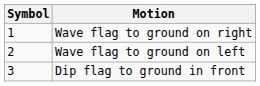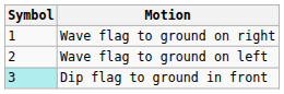 <table class="wikitable">
 <tr>
 <th>Symbol</th>
 <th>Motion</th>
 </tr>
 <tr>
 <td>1</td>
 <td>Wave flag to ground on right</td>
 </tr>
 <tr>
 <td>2</td>
 <td>Wave flag to ground on left</td>
 </tr>
 <tr>
-<td>3</td>
+<td style="background: paleturquoise;">3</td>
 <td>Dip flag to ground in front</td>
 </tr>
 </table>
